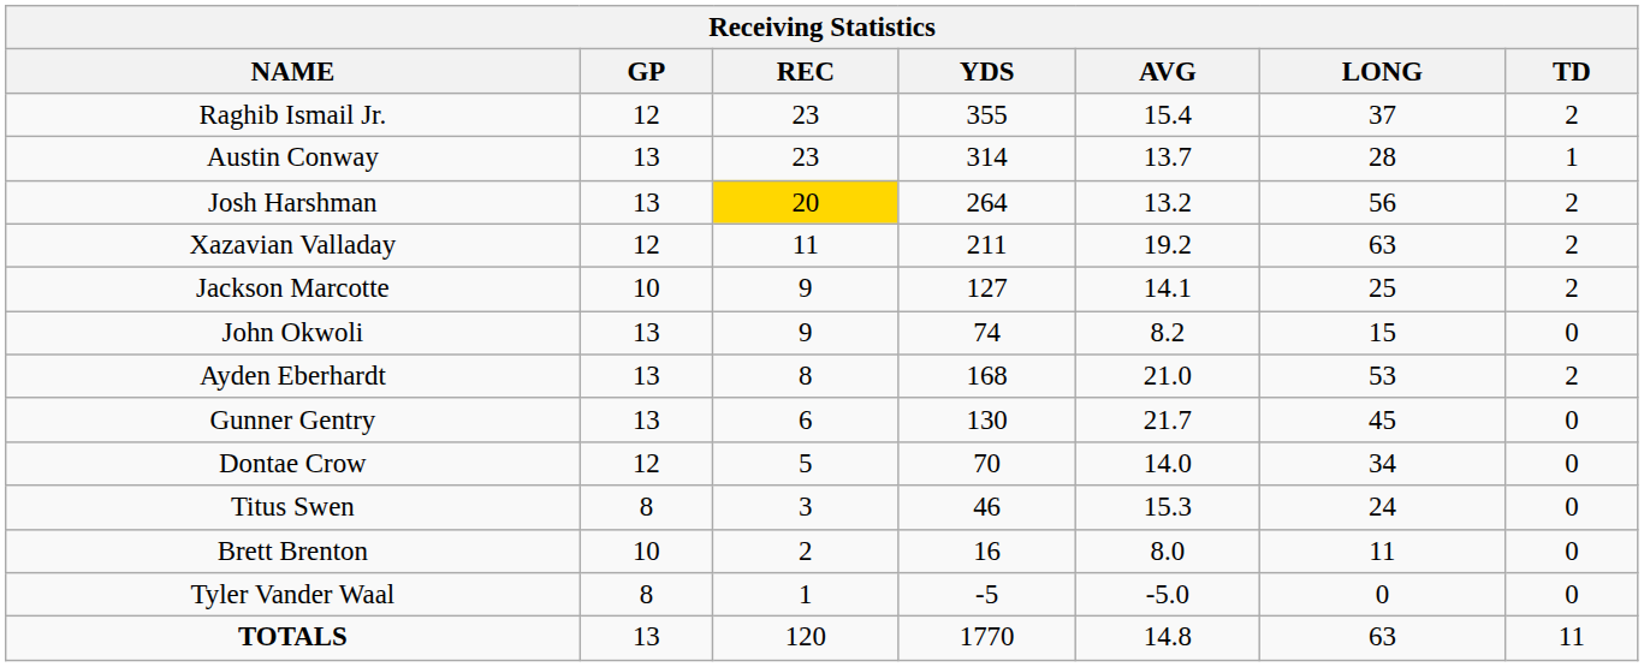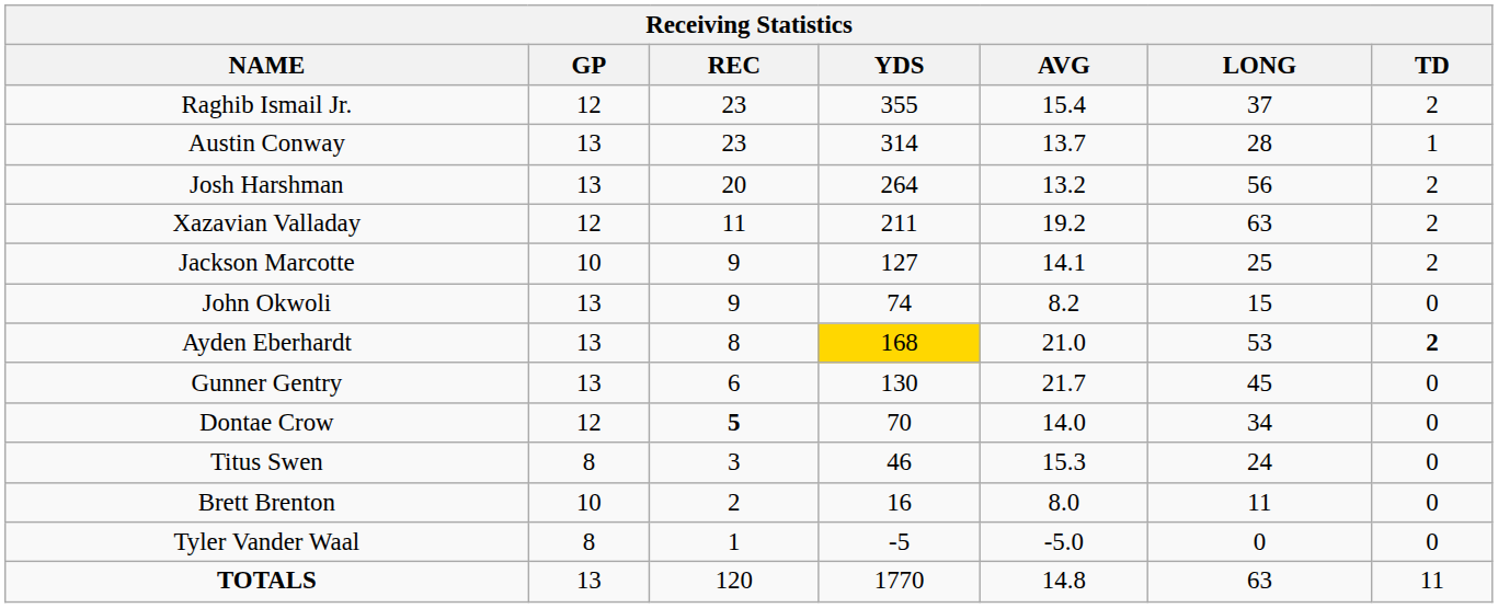 <table style="width:60%; text-align:center;" class="wikitable collapsible collapsed">
 <tr>
 <th colspan="7">Receiving Statistics</th>
 </tr>
 <tr>
 <th>NAME</th>
 <th>GP</th>
 <th>REC</th>
 <th>YDS</th>
 <th>AVG</th>
 <th>LONG</th>
 <th>TD</th>
 </tr>
 <tr>
 <td>Raghib Ismail Jr.</td>
 <td>12</td>
 <td>23</td>
 <td>355</td>
 <td>15.4</td>
 <td>37</td>
 <td>2</td>
 </tr>
 <tr>
 <td>Austin Conway</td>
 <td>13</td>
 <td>23</td>
 <td>314</td>
 <td>13.7</td>
 <td>28</td>
 <td>1</td>
 </tr>
 <tr>
 <td>Josh Harshman</td>
 <td>13</td>
-<td style="background: gold;">20</td>
+<td>20</td>
 <td>264</td>
 <td>13.2</td>
 <td>56</td>
 <td>2</td>
 </tr>
 <tr>
 <td>Xazavian Valladay</td>
 <td>12</td>
 <td>11</td>
 <td>211</td>
 <td>19.2</td>
 <td>63</td>
 <td>2</td>
 </tr>
 <tr>
 <td>Jackson Marcotte</td>
 <td>10</td>
 <td>9</td>
 <td>127</td>
 <td>14.1</td>
 <td>25</td>
 <td>2</td>
 </tr>
 <tr>
 <td>John Okwoli</td>
 <td>13</td>
 <td>9</td>
 <td>74</td>
 <td>8.2</td>
 <td>15</td>
 <td>0</td>
 </tr>
 <tr>
 <td>Ayden Eberhardt</td>
 <td>13</td>
 <td>8</td>
-<td>168</td>
+<td style="background: gold;">168</td>
 <td>21.0</td>
 <td>53</td>
-<td>2</td>
+<td><strong>2</strong></td>
 </tr>
 <tr>
 <td>Gunner Gentry</td>
 <td>13</td>
 <td>6</td>
 <td>130</td>
 <td>21.7</td>
 <td>45</td>
 <td>0</td>
 </tr>
 <tr>
 <td>Dontae Crow</td>
 <td>12</td>
-<td>5</td>
+<td><strong>5</strong></td>
 <td>70</td>
 <td>14.0</td>
 <td>34</td>
 <td>0</td>
 </tr>
 <tr>
 <td>Titus Swen</td>
 <td>8</td>
 <td>3</td>
 <td>46</td>
 <td>15.3</td>
 <td>24</td>
 <td>0</td>
 </tr>
 <tr>
 <td>Brett Brenton</td>
 <td>10</td>
 <td>2</td>
 <td>16</td>
 <td>8.0</td>
 <td>11</td>
 <td>0</td>
 </tr>
 <tr>
 <td>Tyler Vander Waal</td>
 <td>8</td>
 <td>1</td>
 <td>-5</td>
 <td>-5.0</td>
 <td>0</td>
 <td>0</td>
 </tr>
 <tr>
 <td><strong>TOTALS</strong></td>
 <td>13</td>
 <td>120</td>
 <td>1770</td>
 <td>14.8</td>
 <td>63</td>
 <td>11</td>
 </tr>
 </table>
